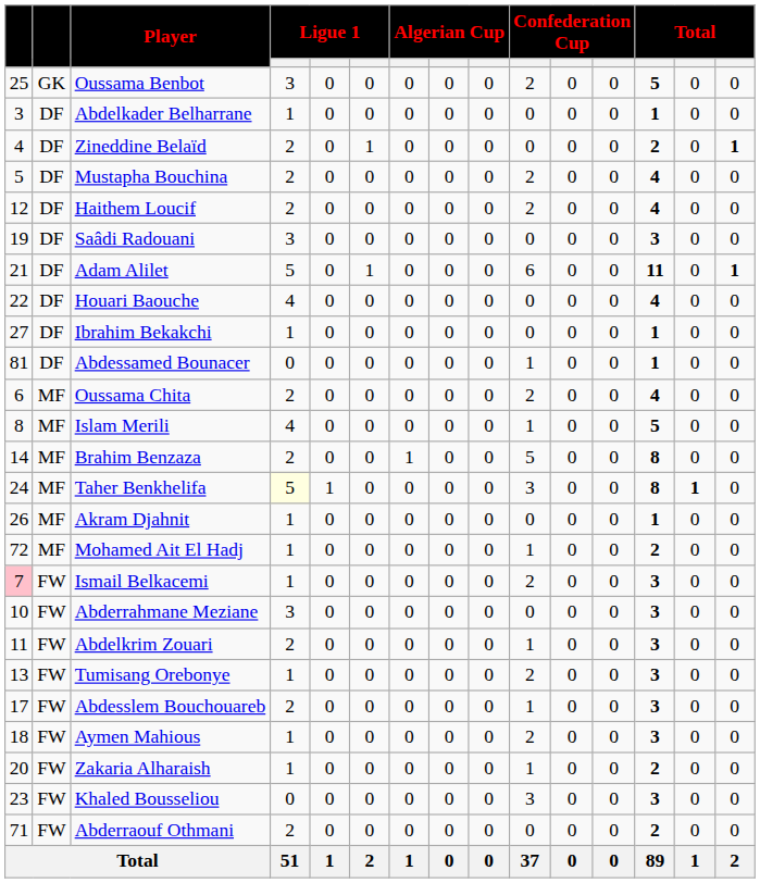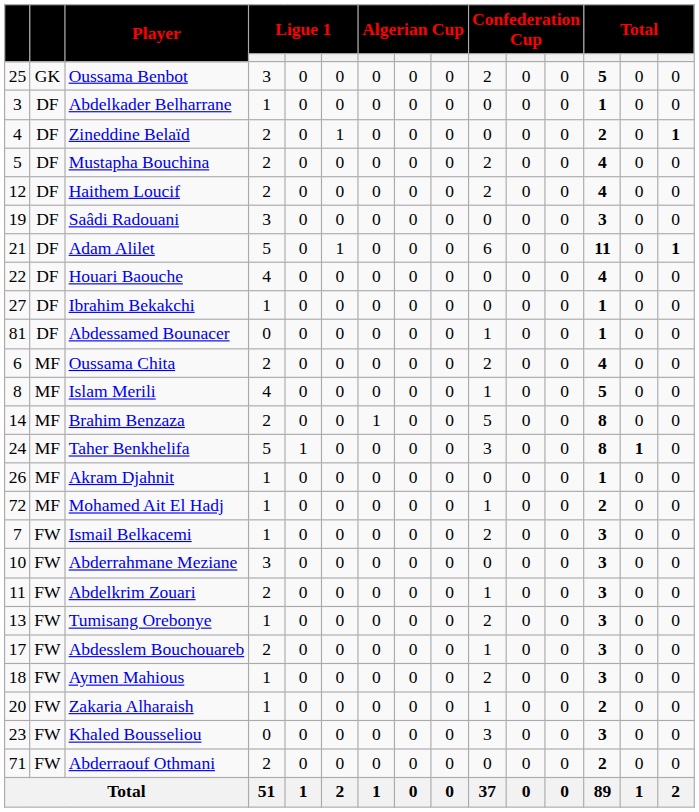 <table class="wikitable sortable nowrap" style="font-size: 96%; text-align: center;">
 <tr>
 <th rowspan="2" style="background:black; color:red; text-align:center;"></th>
 <th rowspan="2" style="background:black; color:red; text-align:center;"></th>
 <th rowspan="2" style="background:black; color:red; text-align:center;">Player</th>
 <th colspan="3" style="background:black; color:red; text-align:center;">Ligue 1</th>
 <th colspan="3" style="background:black; color:red; text-align:center;">Algerian Cup</th>
 <th colspan="3" style="background:black; color:red; text-align:center;">Confederation Cup</th>
 <th colspan="3" style="background:black; color:red; text-align:center;">Total</th>
 </tr>
 <tr>
 <th width=25></th>
 <th width=25></th>
 <th width=25></th>
 <th width=25></th>
 <th width=25></th>
 <th width=25></th>
 <th width=25></th>
 <th width=25></th>
 <th width=25></th>
 <th width=25></th>
 <th width=25></th>
 <th width=25></th>
 </tr>
 <tr>
 <td>25</td>
 <td>GK</td>
 <td style="text-align:left"> <a href='#'>Oussama Benbot</a></td>
 <td>3</td>
 <td>0</td>
 <td>0</td>
 <td>0</td>
 <td>0</td>
 <td>0</td>
 <td>2</td>
 <td>0</td>
 <td>0</td>
 <td><strong>5</strong></td>
 <td>0</td>
 <td>0</td>
 </tr>
 <tr>
 <td>3</td>
 <td>DF</td>
 <td style="text-align:left"> <a href='#'>Abdelkader Belharrane</a></td>
 <td>1</td>
 <td>0</td>
 <td>0</td>
 <td>0</td>
 <td>0</td>
 <td>0</td>
 <td>0</td>
 <td>0</td>
 <td>0</td>
 <td><strong>1</strong></td>
 <td>0</td>
 <td>0</td>
 </tr>
 <tr>
 <td>4</td>
 <td>DF</td>
 <td style="text-align:left"> <a href='#'>Zineddine Belaïd</a></td>
 <td>2</td>
 <td>0</td>
 <td>1</td>
 <td>0</td>
 <td>0</td>
 <td>0</td>
 <td>0</td>
 <td>0</td>
 <td>0</td>
 <td><strong>2</strong></td>
 <td>0</td>
 <td><strong>1</strong></td>
 </tr>
 <tr>
 <td>5</td>
 <td>DF</td>
 <td style="text-align:left"> <a href='#'>Mustapha Bouchina</a></td>
 <td>2</td>
 <td>0</td>
 <td>0</td>
 <td>0</td>
 <td>0</td>
 <td>0</td>
 <td>2</td>
 <td>0</td>
 <td>0</td>
 <td><strong>4</strong></td>
 <td>0</td>
 <td>0</td>
 </tr>
 <tr>
 <td>12</td>
 <td>DF</td>
 <td style="text-align:left"> <a href='#'>Haithem Loucif</a></td>
 <td>2</td>
 <td>0</td>
 <td>0</td>
 <td>0</td>
 <td>0</td>
 <td>0</td>
 <td>2</td>
 <td>0</td>
 <td>0</td>
 <td><strong>4</strong></td>
 <td>0</td>
 <td>0</td>
 </tr>
 <tr>
 <td>19</td>
 <td>DF</td>
 <td style="text-align:left"> <a href='#'>Saâdi Radouani</a></td>
 <td>3</td>
 <td>0</td>
 <td>0</td>
 <td>0</td>
 <td>0</td>
 <td>0</td>
 <td>0</td>
 <td>0</td>
 <td>0</td>
 <td><strong>3</strong></td>
 <td>0</td>
 <td>0</td>
 </tr>
 <tr>
 <td>21</td>
 <td>DF</td>
 <td style="text-align:left"> <a href='#'>Adam Alilet</a></td>
 <td>5</td>
 <td>0</td>
 <td>1</td>
 <td>0</td>
 <td>0</td>
 <td>0</td>
 <td>6</td>
 <td>0</td>
 <td>0</td>
 <td><strong>11</strong></td>
 <td>0</td>
 <td><strong>1</strong></td>
 </tr>
 <tr>
 <td>22</td>
 <td>DF</td>
 <td style="text-align:left"> <a href='#'>Houari Baouche</a></td>
 <td>4</td>
 <td>0</td>
 <td>0</td>
 <td>0</td>
 <td>0</td>
 <td>0</td>
 <td>0</td>
 <td>0</td>
 <td>0</td>
 <td><strong>4</strong></td>
 <td>0</td>
 <td>0</td>
 </tr>
 <tr>
 <td>27</td>
 <td>DF</td>
 <td style="text-align:left"> <a href='#'>Ibrahim Bekakchi</a></td>
 <td>1</td>
 <td>0</td>
 <td>0</td>
 <td>0</td>
 <td>0</td>
 <td>0</td>
 <td>0</td>
 <td>0</td>
 <td>0</td>
 <td><strong>1</strong></td>
 <td>0</td>
 <td>0</td>
 </tr>
 <tr>
 <td>81</td>
 <td>DF</td>
 <td style="text-align:left"> <a href='#'>Abdessamed Bounacer</a></td>
 <td>0</td>
 <td>0</td>
 <td>0</td>
 <td>0</td>
 <td>0</td>
 <td>0</td>
 <td>1</td>
 <td>0</td>
 <td>0</td>
 <td><strong>1</strong></td>
 <td>0</td>
 <td>0</td>
 </tr>
 <tr>
 <td>6</td>
 <td>MF</td>
 <td style="text-align:left"> <a href='#'>Oussama Chita</a></td>
 <td>2</td>
 <td>0</td>
 <td>0</td>
 <td>0</td>
 <td>0</td>
 <td>0</td>
 <td>2</td>
 <td>0</td>
 <td>0</td>
 <td><strong>4</strong></td>
 <td>0</td>
 <td>0</td>
 </tr>
 <tr>
 <td>8</td>
 <td>MF</td>
 <td style="text-align:left"> <a href='#'>Islam Merili</a></td>
 <td>4</td>
 <td>0</td>
 <td>0</td>
 <td>0</td>
 <td>0</td>
 <td>0</td>
 <td>1</td>
 <td>0</td>
 <td>0</td>
 <td><strong>5</strong></td>
 <td>0</td>
 <td>0</td>
 </tr>
 <tr>
 <td>14</td>
 <td>MF</td>
 <td style="text-align:left"> <a href='#'>Brahim Benzaza</a></td>
 <td>2</td>
 <td>0</td>
 <td>0</td>
 <td>1</td>
 <td>0</td>
 <td>0</td>
 <td>5</td>
 <td>0</td>
 <td>0</td>
 <td><strong>8</strong></td>
 <td>0</td>
 <td>0</td>
 </tr>
 <tr>
 <td>24</td>
 <td>MF</td>
 <td style="text-align:left"> <a href='#'>Taher Benkhelifa</a></td>
-<td style="background: lightyellow;">5</td>
+<td>5</td>
 <td>1</td>
 <td>0</td>
 <td>0</td>
 <td>0</td>
 <td>0</td>
 <td>3</td>
 <td>0</td>
 <td>0</td>
 <td><strong>8</strong></td>
 <td><strong>1</strong></td>
 <td>0</td>
 </tr>
 <tr>
 <td>26</td>
 <td>MF</td>
 <td style="text-align:left"> <a href='#'>Akram Djahnit</a></td>
 <td>1</td>
 <td>0</td>
 <td>0</td>
 <td>0</td>
 <td>0</td>
 <td>0</td>
 <td>0</td>
 <td>0</td>
 <td>0</td>
 <td><strong>1</strong></td>
 <td>0</td>
 <td>0</td>
 </tr>
 <tr>
 <td>72</td>
 <td>MF</td>
 <td style="text-align:left"> <a href='#'>Mohamed Ait El Hadj</a></td>
 <td>1</td>
 <td>0</td>
 <td>0</td>
 <td>0</td>
 <td>0</td>
 <td>0</td>
 <td>1</td>
 <td>0</td>
 <td>0</td>
 <td><strong>2</strong></td>
 <td>0</td>
 <td>0</td>
 </tr>
 <tr>
-<td style="background: pink;">7</td>
+<td>7</td>
 <td>FW</td>
 <td style="text-align:left"> <a href='#'>Ismail Belkacemi</a></td>
 <td>1</td>
 <td>0</td>
 <td>0</td>
 <td>0</td>
 <td>0</td>
 <td>0</td>
 <td>2</td>
 <td>0</td>
 <td>0</td>
 <td><strong>3</strong></td>
 <td>0</td>
 <td>0</td>
 </tr>
 <tr>
 <td>10</td>
 <td>FW</td>
 <td style="text-align:left"> <a href='#'>Abderrahmane Meziane</a></td>
 <td>3</td>
 <td>0</td>
 <td>0</td>
 <td>0</td>
 <td>0</td>
 <td>0</td>
 <td>0</td>
 <td>0</td>
 <td>0</td>
 <td><strong>3</strong></td>
 <td>0</td>
 <td>0</td>
 </tr>
 <tr>
 <td>11</td>
 <td>FW</td>
 <td style="text-align:left"> <a href='#'>Abdelkrim Zouari</a></td>
 <td>2</td>
 <td>0</td>
 <td>0</td>
 <td>0</td>
 <td>0</td>
 <td>0</td>
 <td>1</td>
 <td>0</td>
 <td>0</td>
 <td><strong>3</strong></td>
 <td>0</td>
 <td>0</td>
 </tr>
 <tr>
 <td>13</td>
 <td>FW</td>
 <td style="text-align:left"> <a href='#'>Tumisang Orebonye</a></td>
 <td>1</td>
 <td>0</td>
 <td>0</td>
 <td>0</td>
 <td>0</td>
 <td>0</td>
 <td>2</td>
 <td>0</td>
 <td>0</td>
 <td><strong>3</strong></td>
 <td>0</td>
 <td>0</td>
 </tr>
 <tr>
 <td>17</td>
 <td>FW</td>
 <td style="text-align:left"> <a href='#'>Abdesslem Bouchouareb</a></td>
 <td>2</td>
 <td>0</td>
 <td>0</td>
 <td>0</td>
 <td>0</td>
 <td>0</td>
 <td>1</td>
 <td>0</td>
 <td>0</td>
 <td><strong>3</strong></td>
 <td>0</td>
 <td>0</td>
 </tr>
 <tr>
 <td>18</td>
 <td>FW</td>
 <td style="text-align:left"> <a href='#'>Aymen Mahious</a></td>
 <td>1</td>
 <td>0</td>
 <td>0</td>
 <td>0</td>
 <td>0</td>
 <td>0</td>
 <td>2</td>
 <td>0</td>
 <td>0</td>
 <td><strong>3</strong></td>
 <td>0</td>
 <td>0</td>
 </tr>
 <tr>
 <td>20</td>
 <td>FW</td>
 <td style="text-align:left"> <a href='#'>Zakaria Alharaish</a></td>
 <td>1</td>
 <td>0</td>
 <td>0</td>
 <td>0</td>
 <td>0</td>
 <td>0</td>
 <td>1</td>
 <td>0</td>
 <td>0</td>
 <td><strong>2</strong></td>
 <td>0</td>
 <td>0</td>
 </tr>
 <tr>
 <td>23</td>
 <td>FW</td>
 <td style="text-align:left"> <a href='#'>Khaled Bousseliou</a></td>
 <td>0</td>
 <td>0</td>
 <td>0</td>
 <td>0</td>
 <td>0</td>
 <td>0</td>
 <td>3</td>
 <td>0</td>
 <td>0</td>
 <td><strong>3</strong></td>
 <td>0</td>
 <td>0</td>
 </tr>
 <tr>
 <td>71</td>
 <td>FW</td>
 <td style="text-align:left"> <a href='#'>Abderraouf Othmani</a></td>
 <td>2</td>
 <td>0</td>
 <td>0</td>
 <td>0</td>
 <td>0</td>
 <td>0</td>
 <td>0</td>
 <td>0</td>
 <td>0</td>
 <td><strong>2</strong></td>
 <td>0</td>
 <td>0</td>
 </tr>
 <tr>
 <th colspan="3">Total</th>
 <th>51</th>
 <th>1</th>
 <th>2</th>
 <th>1</th>
 <th>0</th>
 <th>0</th>
 <th>37</th>
 <th>0</th>
 <th>0</th>
 <th>89</th>
 <th>1</th>
 <th>2</th>
 </tr>
 </table>
